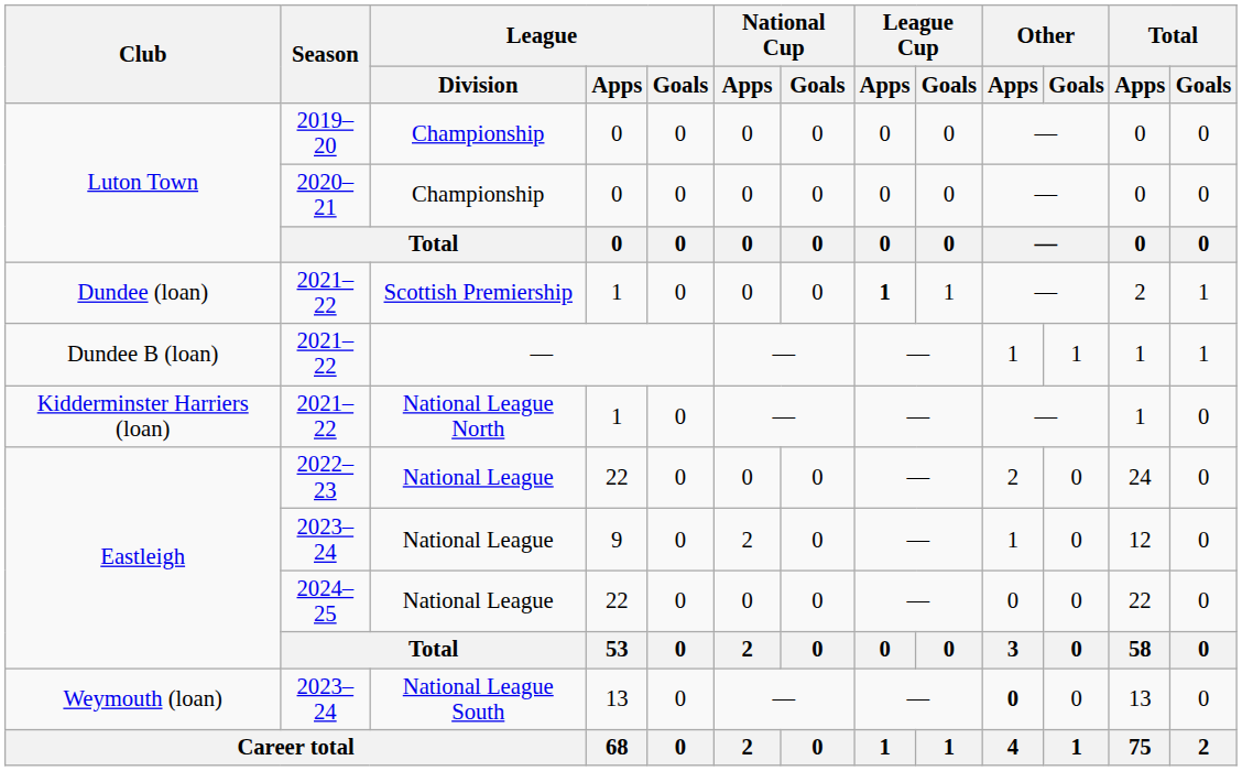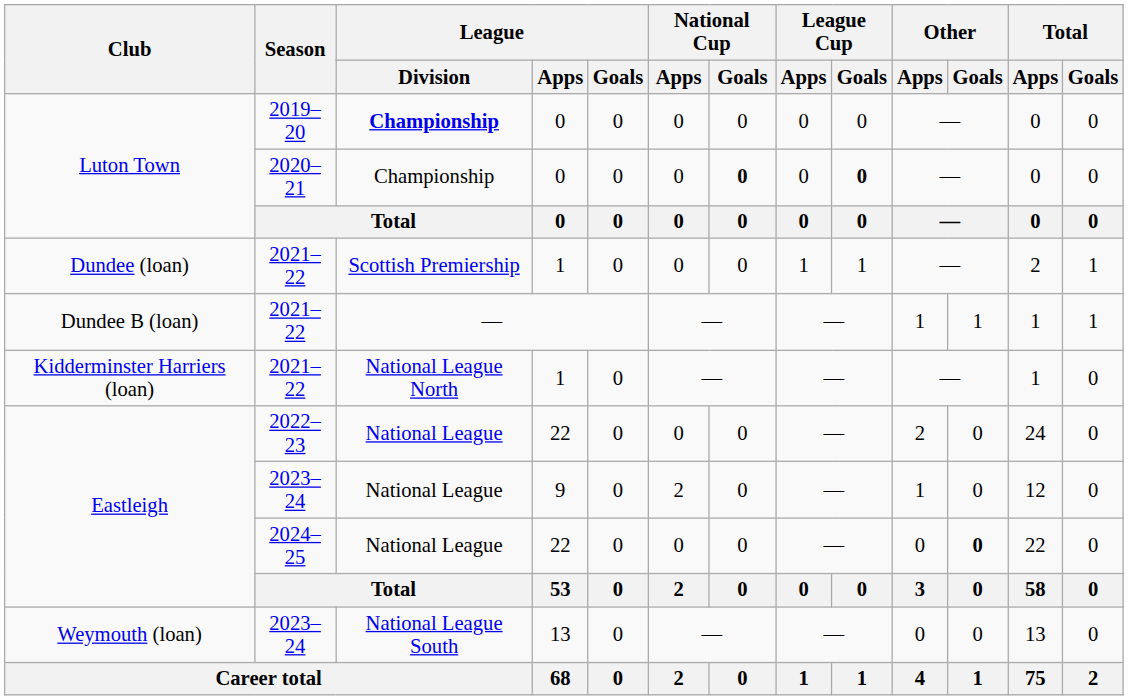 <table class=wikitable style=text-align:center>
 <tr>
 <th rowspan=2>Club</th>
 <th rowspan=2>Season</th>
 <th colspan=3>League</th>
 <th colspan=2>National Cup</th>
 <th colspan=2>League Cup</th>
 <th colspan=2>Other</th>
 <th colspan=2>Total</th>
 </tr>
 <tr>
 <th>Division</th>
 <th>Apps</th>
 <th>Goals</th>
 <th>Apps</th>
 <th>Goals</th>
 <th>Apps</th>
 <th>Goals</th>
 <th>Apps</th>
 <th>Goals</th>
 <th>Apps</th>
 <th>Goals</th>
 </tr>
 <tr>
 <td rowspan=3><a href='#'>Luton Town</a></td>
 <td><a href='#'>2019–20</a></td>
-<td><a href='#'>Championship</a></td>
+<td><strong><a href='#'>Championship</a></strong></td>
 <td>0</td>
 <td>0</td>
 <td>0</td>
 <td>0</td>
 <td>0</td>
 <td>0</td>
 <td colspan=2>—</td>
 <td>0</td>
 <td>0</td>
 </tr>
 <tr>
 <td><a href='#'>2020–21</a></td>
 <td>Championship</td>
 <td>0</td>
 <td>0</td>
 <td>0</td>
+<td><strong>0</strong></td>
 <td>0</td>
-<td>0</td>
-<td>0</td>
+<td><strong>0</strong></td>
 <td colspan=2>—</td>
 <td>0</td>
 <td>0</td>
 </tr>
 <tr>
 <th colspan=2>Total</th>
 <th>0</th>
 <th>0</th>
 <th>0</th>
 <th>0</th>
 <th>0</th>
 <th>0</th>
 <th colspan=2>—</th>
 <th>0</th>
 <th>0</th>
 </tr>
 <tr>
 <td><a href='#'>Dundee</a> (loan)</td>
 <td><a href='#'>2021–22</a></td>
 <td><a href='#'>Scottish Premiership</a></td>
 <td>1</td>
 <td>0</td>
 <td>0</td>
 <td>0</td>
-<td><strong>1</strong></td>
+<td>1</td>
 <td>1</td>
 <td colspan="2">—</td>
 <td>2</td>
 <td>1</td>
 </tr>
 <tr>
 <td>Dundee B (loan)</td>
 <td><a href='#'>2021–22</a></td>
 <td colspan="3">—</td>
 <td colspan="2">—</td>
 <td colspan="2">—</td>
 <td>1</td>
 <td>1</td>
 <td>1</td>
 <td>1</td>
 </tr>
 <tr>
 <td><a href='#'>Kidderminster Harriers</a> (loan)</td>
 <td><a href='#'>2021–22</a></td>
 <td><a href='#'>National League North</a></td>
 <td>1</td>
 <td>0</td>
 <td colspan="2">—</td>
 <td colspan="2">—</td>
 <td colspan="2">—</td>
 <td>1</td>
 <td>0</td>
 </tr>
 <tr>
 <td rowspan="4"><a href='#'>Eastleigh</a></td>
 <td><a href='#'>2022–23</a></td>
 <td><a href='#'>National League</a></td>
 <td>22</td>
 <td>0</td>
 <td>0</td>
 <td>0</td>
 <td colspan="2">—</td>
 <td>2</td>
 <td>0</td>
 <td>24</td>
 <td>0</td>
 </tr>
 <tr>
 <td><a href='#'>2023–24</a></td>
 <td>National League</td>
 <td>9</td>
 <td>0</td>
 <td>2</td>
 <td>0</td>
 <td colspan="2">—</td>
 <td>1</td>
 <td>0</td>
 <td>12</td>
 <td>0</td>
 </tr>
 <tr>
 <td><a href='#'>2024–25</a></td>
 <td>National League</td>
 <td>22</td>
 <td>0</td>
 <td>0</td>
 <td>0</td>
 <td colspan="2">—</td>
 <td>0</td>
-<td>0</td>
+<td><strong>0</strong></td>
 <td>22</td>
 <td>0</td>
 </tr>
 <tr>
 <th colspan="2">Total</th>
 <th>53</th>
 <th>0</th>
 <th>2</th>
 <th>0</th>
 <th>0</th>
 <th>0</th>
 <th>3</th>
 <th>0</th>
 <th>58</th>
 <th>0</th>
 </tr>
 <tr>
 <td><a href='#'>Weymouth</a> (loan)</td>
 <td><a href='#'>2023–24</a></td>
 <td><a href='#'>National League South</a></td>
 <td>13</td>
 <td>0</td>
 <td colspan="2">—</td>
 <td colspan="2">—</td>
-<td><strong>0</strong></td>
+<td>0</td>
 <td>0</td>
 <td>13</td>
 <td>0</td>
 </tr>
 <tr>
 <th colspan=3>Career total</th>
 <th>68</th>
 <th>0</th>
 <th>2</th>
 <th>0</th>
 <th>1</th>
 <th>1</th>
 <th>4</th>
 <th>1</th>
 <th>75</th>
 <th>2</th>
 </tr>
 </table>
